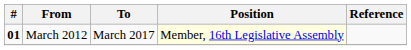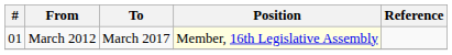 <table class="wikitable sortable">
 <tr>
 <th>#</th>
 <th>From</th>
 <th>To</th>
 <th>Position</th>
 <th>Reference</th>
 </tr>
 <tr>
-<td><strong>01</strong></td>
+<td>01</td>
 <td>March 2012</td>
 <td>March 2017</td>
 <td style="background: lightyellow;">Member, <a href='#'>16th Legislative Assembly</a></td>
 <td></td>
 </tr>
 <tr>
 </tr>
 </table>
